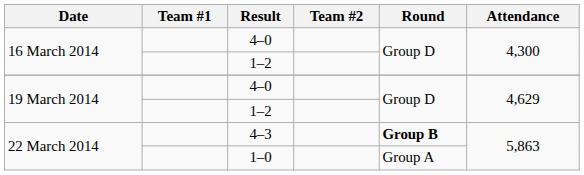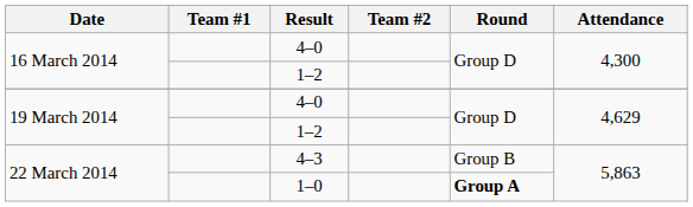 <table class="wikitable"  style="text-align:left; width:70%;">
 <tr>
 <th>Date</th>
 <th>Team #1</th>
 <th>Result</th>
 <th>Team #2</th>
 <th>Round</th>
 <th>Attendance</th>
 </tr>
 <tr>
 <td rowspan=2>16 March 2014</td>
 <td></td>
 <td style="text-align:center;">4–0</td>
 <td></td>
 <td rowspan=2>Group D</td>
 <td rowspan=2 style="text-align:center;">4,300</td>
 </tr>
 <tr>
 <td></td>
 <td style="text-align:center;">1–2</td>
 <td></td>
 </tr>
 <tr>
 </tr>
 <tr>
 <td rowspan=2>19 March 2014</td>
 <td></td>
 <td style="text-align:center;">4–0</td>
 <td></td>
 <td rowspan=2>Group D</td>
 <td rowspan=2 style="text-align:center;">4,629</td>
 </tr>
 <tr>
 <td></td>
 <td style="text-align:center;">1–2</td>
 <td></td>
 </tr>
 <tr>
 <td rowspan=2>22 March 2014</td>
 <td></td>
 <td style="text-align:center;">4–3</td>
 <td></td>
-<td><strong>Group B</strong></td>
+<td>Group B</td>
 <td rowspan=2 style="text-align:center;">5,863</td>
 </tr>
 <tr>
 <td></td>
 <td style="text-align:center;">1–0</td>
 <td></td>
-<td>Group A</td>
+<td><strong>Group A</strong></td>
 </tr>
 </table>
